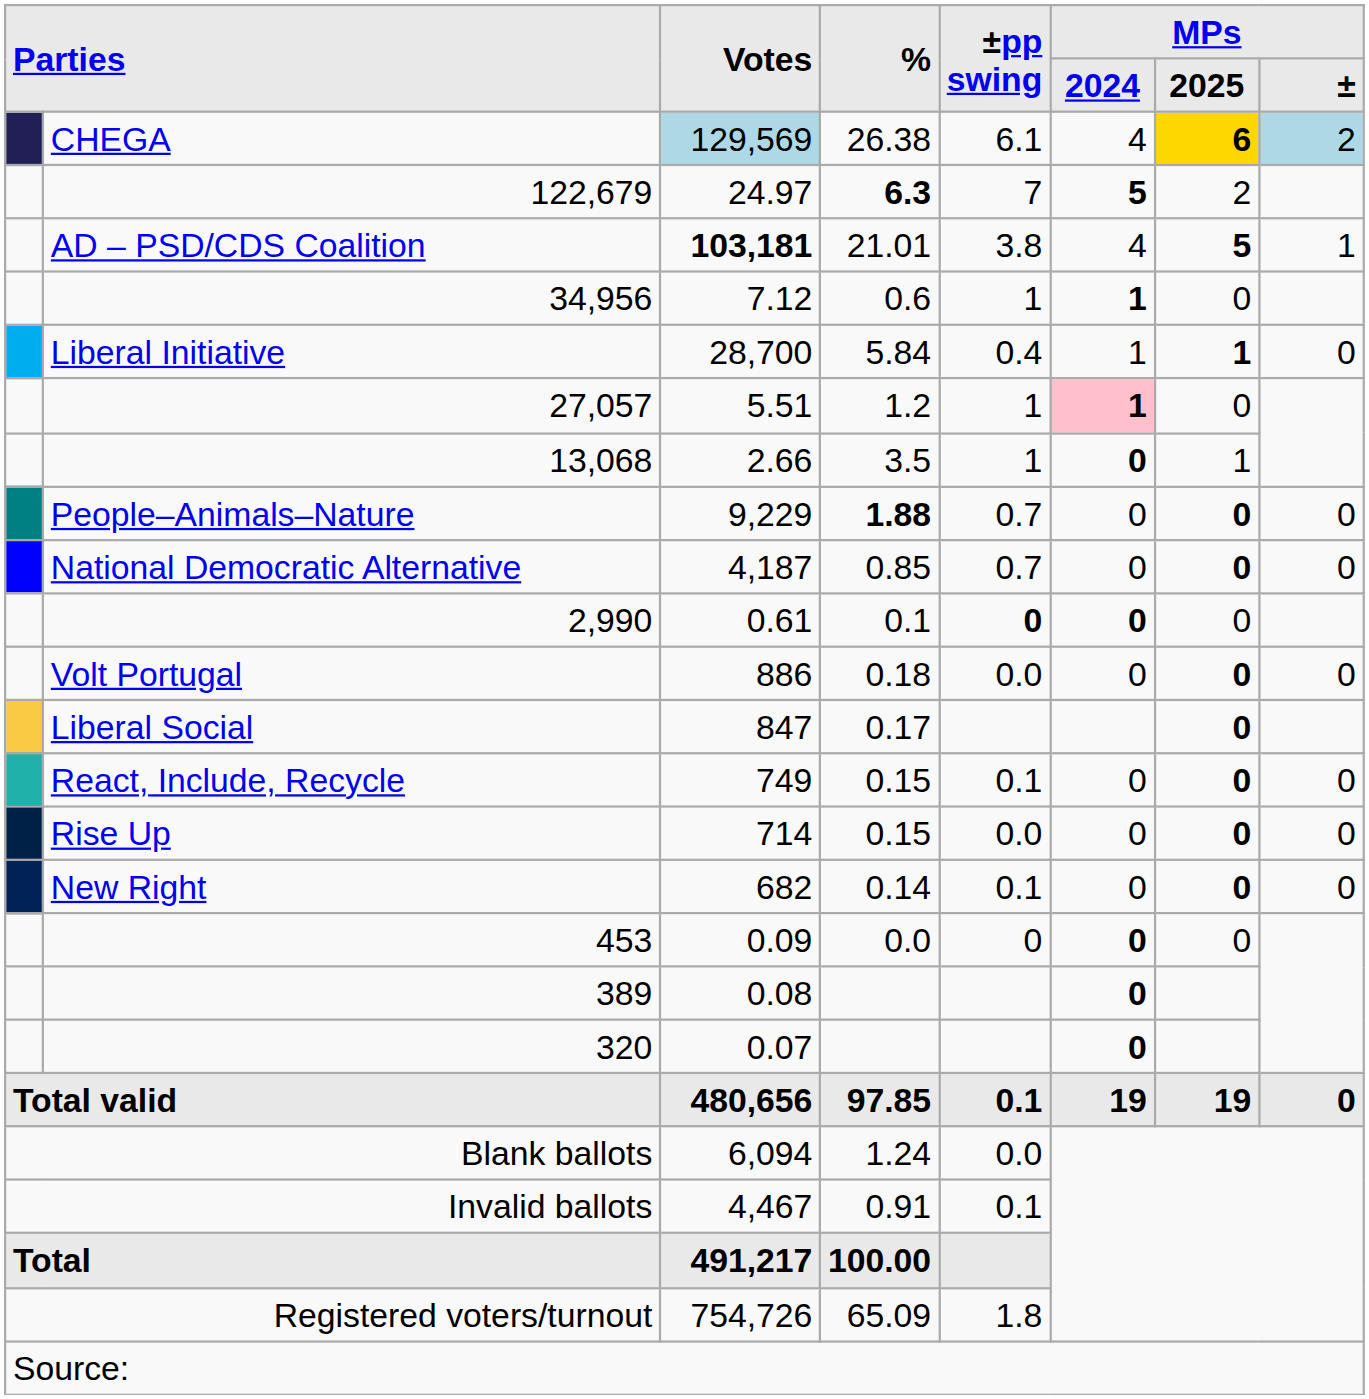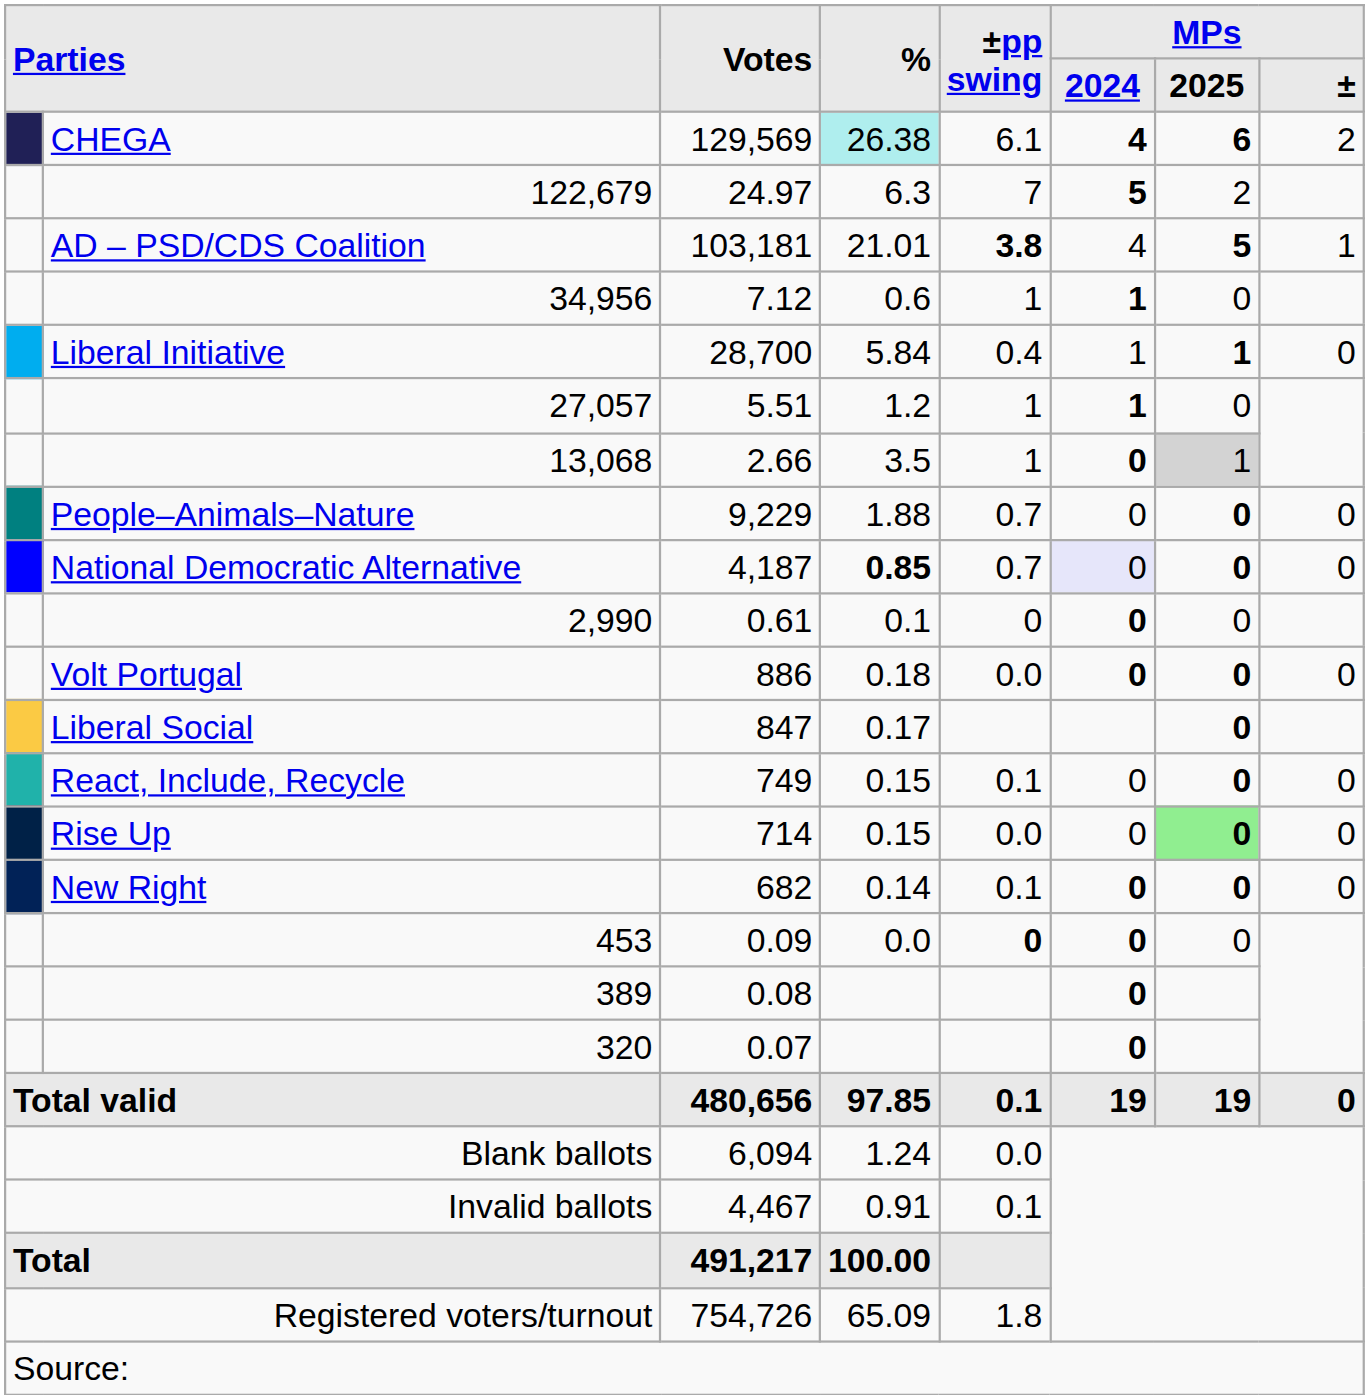 <table class="wikitable" style="text-align:right; font-size:95%;">
 <tr>
 <th rowspan="2" colspan="2" style="background:#e9e9e9; text-align:left;" alignleft><a href='#'>Parties</a></th>
 <th rowspan="2" style="background:#e9e9e9; text-align:right;">Votes</th>
 <th rowspan="2" style="background:#e9e9e9; text-align:right;">%</th>
 <th rowspan="2" style="background:#e9e9e9; text-align:right;">±<a href='#'>pp</a> <a href='#'>swing</a></th>
 <th colspan="3" style="background:#e9e9e9; text-align:center;"><a href='#'>MPs</a></th>
 </tr>
 <tr style="background-color:#E9E9E9">
 <th style="background-color:#E9E9E9;text-align:center;"><a href='#'>2024</a></th>
 <th style="background-color:#E9E9E9;text-align:center;">2025</th>
 <th style="background:#e9e9e9; text-align:right;">±</th>
 </tr>
 <tr>
 <td style="width: 10px" bgcolor="#202056" align="center"></td>
 <td align="left"><a href='#'>CHEGA</a></td>
-<td style="background: lightblue;">129,569</td>
-<td>26.38</td>
+<td>129,569</td>
+<td style="background: paleturquoise;">26.38</td>
 <td>6.1</td>
-<td>4</td>
-<td style="background: gold;"><strong>6</strong></td>
-<td style="background: lightblue;">2</td>
+<td><strong>4</strong></td>
+<td><strong>6</strong></td>
+<td>2</td>
 </tr>
 <tr>
 <td></td>
 <td>122,679</td>
 <td>24.97</td>
-<td><strong>6.3</strong></td>
+<td>6.3</td>
 <td>7</td>
 <td><strong>5</strong></td>
 <td>2</td>
 </tr>
 <tr>
 <td style="width: 10px" bgcolor=></td>
 <td align="left"><a href='#'>AD – PSD/CDS Coalition</a> </td>
-<td><strong>103,181</strong></td>
+<td>103,181</td>
 <td>21.01</td>
-<td>3.8</td>
+<td><strong>3.8</strong></td>
 <td>4</td>
 <td><strong>5</strong></td>
 <td>1</td>
 </tr>
 <tr>
 <td></td>
 <td>34,956</td>
 <td>7.12</td>
 <td>0.6</td>
 <td>1</td>
 <td><strong>1</strong></td>
 <td>0</td>
 </tr>
 <tr>
 <td style="width: 10px" bgcolor="#00ADEF" align="center"></td>
 <td align="left"><a href='#'>Liberal Initiative</a></td>
 <td>28,700</td>
 <td>5.84</td>
 <td>0.4</td>
 <td>1</td>
 <td><strong>1</strong></td>
 <td>0</td>
 </tr>
 <tr>
 <td></td>
 <td>27,057</td>
 <td>5.51</td>
 <td>1.2</td>
 <td>1</td>
-<td style="background: pink;"><strong>1</strong></td>
+<td><strong>1</strong></td>
 <td>0</td>
 </tr>
 <tr>
 <td></td>
 <td>13,068</td>
 <td>2.66</td>
 <td>3.5</td>
 <td>1</td>
 <td><strong>0</strong></td>
-<td>1</td>
+<td style="background: lightgrey;">1</td>
 </tr>
 <tr>
 <td style="width: 10px" bgcolor="teal" align="center"></td>
 <td align="left"><a href='#'>People–Animals–Nature</a></td>
 <td>9,229</td>
-<td><strong>1.88</strong></td>
+<td>1.88</td>
 <td>0.7</td>
 <td>0</td>
 <td><strong>0</strong></td>
 <td>0</td>
 </tr>
 <tr>
 <td style="width: 10px" bgcolor="blue" align="center"></td>
 <td align="left"><a href='#'>National Democratic Alternative</a></td>
 <td>4,187</td>
-<td>0.85</td>
+<td><strong>0.85</strong></td>
 <td>0.7</td>
-<td>0</td>
+<td style="background: lavender;">0</td>
 <td><strong>0</strong></td>
 <td>0</td>
 </tr>
 <tr>
 <td></td>
 <td>2,990</td>
 <td>0.61</td>
 <td>0.1</td>
-<td><strong>0</strong></td>
+<td>0</td>
 <td><strong>0</strong></td>
 <td>0</td>
 </tr>
 <tr>
 <td style="width: 10px"></td>
 <td align="left"><a href='#'>Volt Portugal</a></td>
 <td>886</td>
 <td>0.18</td>
 <td>0.0</td>
-<td>0</td>
+<td><strong>0</strong></td>
 <td><strong>0</strong></td>
 <td>0</td>
 </tr>
 <tr>
 <td style="width: 10px" bgcolor="#fbca44" align="center"></td>
 <td align="left"><a href='#'>Liberal Social</a></td>
 <td>847</td>
 <td>0.17</td>
 <td></td>
 <td></td>
 <td><strong>0</strong></td>
 <td></td>
 </tr>
 <tr>
 <td style="width: 10px" bgcolor="LightSeaGreen" align="center"></td>
 <td align="left"><a href='#'>React, Include, Recycle</a></td>
 <td>749</td>
 <td>0.15</td>
 <td>0.1</td>
 <td>0</td>
 <td><strong>0</strong></td>
 <td>0</td>
 </tr>
 <tr>
 <td style="width: 10px" bgcolor="#002147" align="center"></td>
 <td align="left"><a href='#'>Rise Up</a></td>
 <td>714</td>
 <td>0.15</td>
 <td>0.0</td>
 <td>0</td>
-<td><strong>0</strong></td>
+<td style="background: lightgreen;"><strong>0</strong></td>
 <td>0</td>
 </tr>
 <tr>
 <td style="width: 10px" bgcolor="#012257" align="center"></td>
 <td align="left"><a href='#'>New Right</a></td>
 <td>682</td>
 <td>0.14</td>
 <td>0.1</td>
-<td>0</td>
+<td><strong>0</strong></td>
 <td><strong>0</strong></td>
 <td>0</td>
 </tr>
 <tr>
 <td></td>
 <td>453</td>
 <td>0.09</td>
 <td>0.0</td>
-<td>0</td>
+<td><strong>0</strong></td>
 <td><strong>0</strong></td>
 <td>0</td>
 </tr>
 <tr>
 <td></td>
 <td>389</td>
 <td>0.08</td>
 <td></td>
 <td></td>
 <td><strong>0</strong></td>
 <td></td>
 </tr>
 <tr>
 <td></td>
 <td>320</td>
 <td>0.07</td>
 <td></td>
 <td></td>
 <td><strong>0</strong></td>
 <td></td>
 </tr>
 <tr>
 <td colspan=2 width="288" align=left style="background-color:#E9E9E9"><strong>Total valid</strong></td>
 <td width="65" align="right" style="background-color:#E9E9E9"><strong>480,656</strong></td>
 <td width="40" align="right" style="background-color:#E9E9E9"><strong>97.85</strong></td>
 <td width="40" align="right" style="background-color:#E9E9E9"><strong>0.1</strong></td>
 <td width="40" align="right" style="background-color:#E9E9E9"><strong>19</strong></td>
 <td width="40" align="right" style="background-color:#E9E9E9"><strong>19</strong></td>
 <td width="40" align="right" style="background-color:#E9E9E9"><strong>0</strong></td>
 </tr>
 <tr>
 <td colspan=2>Blank ballots</td>
 <td>6,094</td>
 <td>1.24</td>
 <td>0.0</td>
 <td colspan=3 rowspan=4></td>
 </tr>
 <tr>
 <td colspan=2>Invalid ballots</td>
 <td>4,467</td>
 <td>0.91</td>
 <td>0.1</td>
 </tr>
 <tr>
 <td colspan=2 align=left style="background-color:#E9E9E9"><strong>Total</strong></td>
 <td width="50" align="right" style="background-color:#E9E9E9"><strong>491,217</strong></td>
 <td width="40" align="right" style="background-color:#E9E9E9"><strong>100.00</strong></td>
 <td width="40" align="right" style="background-color:#E9E9E9"></td>
 </tr>
 <tr>
 <td colspan=2>Registered voters/turnout</td>
 <td>754,726</td>
 <td>65.09</td>
 <td>1.8</td>
 </tr>
 <tr>
 <td colspan=8 align=left>Source: </td>
 </tr>
 </table>
